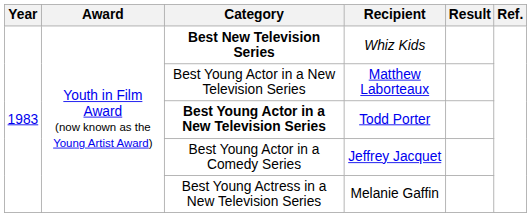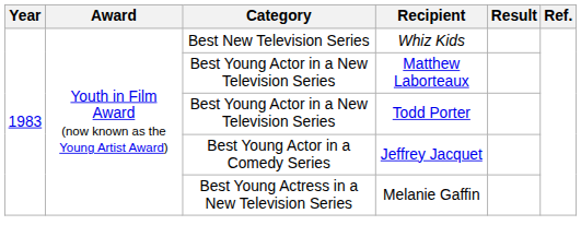 <table class="wikitable" rowspan=5; style="text-align: center; background:#ffffff;">
 <tr>
 <th>Year</th>
 <th>Award</th>
 <th>Category</th>
 <th>Recipient</th>
 <th>Result</th>
 <th>Ref.</th>
 </tr>
 <tr>
 <td rowspan=5><a href='#'>1983</a></td>
 <td rowspan=5><a href='#'>Youth in Film Award</a><br><small>(now known as the <a href='#'>Young Artist Award</a>)</small></td>
-<td><strong>Best New Television Series</strong></td>
+<td>Best New Television Series</td>
 <td><em>Whiz Kids</em></td>
 <td></td>
 <td rowspan=5></td>
 </tr>
 <tr>
 <td>Best Young Actor in a New Television Series</td>
 <td><a href='#'>Matthew Laborteaux</a></td>
 <td></td>
 </tr>
 <tr>
-<td><strong>Best Young Actor in a New Television Series</strong></td>
+<td>Best Young Actor in a New Television Series</td>
 <td><a href='#'>Todd Porter</a></td>
 <td></td>
 </tr>
 <tr>
 <td>Best Young Actor in a Comedy Series</td>
 <td><a href='#'>Jeffrey Jacquet</a></td>
 <td></td>
 </tr>
 <tr>
 <td>Best Young Actress in a New Television Series</td>
 <td>Melanie Gaffin</td>
 <td></td>
 </tr>
 </table>
